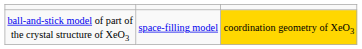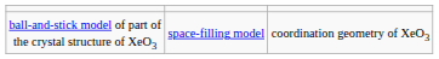 <table class="wikitable" style="margin:1em auto; text-align:center;">
 <tr>
 <td></td>
 <td></td>
 <td></td>
 </tr>
 <tr>
 <td><small><a href='#'>ball-and-stick model</a> of part of<br>the crystal structure of XeO<sub>3</sub></small></td>
 <td><small><a href='#'>space-filling model</a></small></td>
-<td style="background: gold;"><small>coordination geometry of XeO<sub>3</sub></small></td>
+<td><small>coordination geometry of XeO<sub>3</sub></small></td>
 </tr>
 </table>
